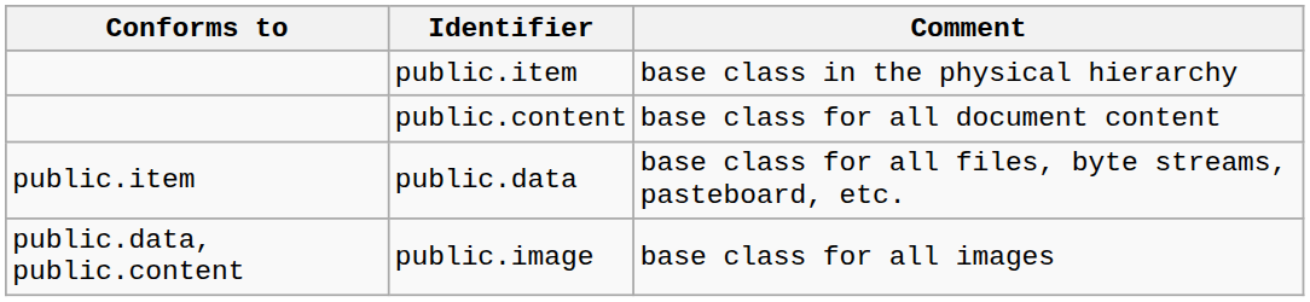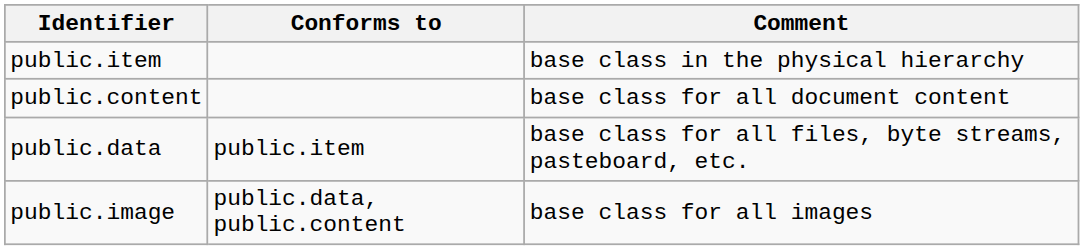 <table class="wikitable sortable">
 <tr>
+<th>Identifier</th>
 <th>Conforms to</th>
-<th>Identifier</th>
 <th>Comment</th>
 </tr>
 <tr>
+<td>public.item</td>
 <td></td>
-<td>public.item</td>
 <td>base class in the physical hierarchy</td>
 </tr>
 <tr>
+<td>public.content</td>
 <td></td>
-<td>public.content</td>
 <td>base class for all document content</td>
 </tr>
 <tr>
+<td>public.data</td>
 <td>public.item</td>
-<td>public.data</td>
 <td>base class for all files, byte streams, pasteboard, etc.</td>
 </tr>
 <tr>
+<td>public.image</td>
 <td>public.data, public.content</td>
-<td>public.image</td>
 <td>base class for all images</td>
 </tr>
 </table>
